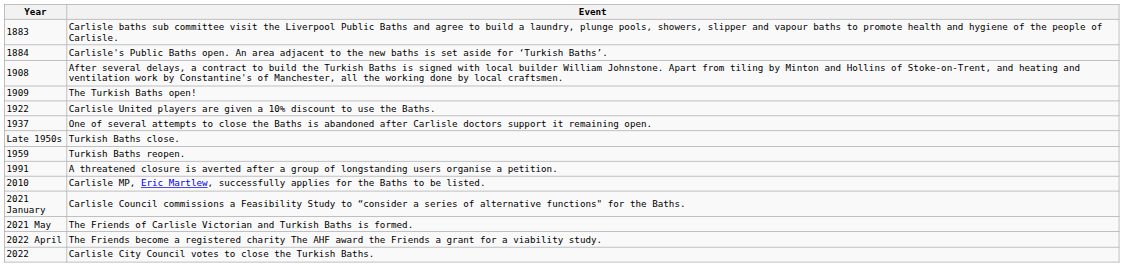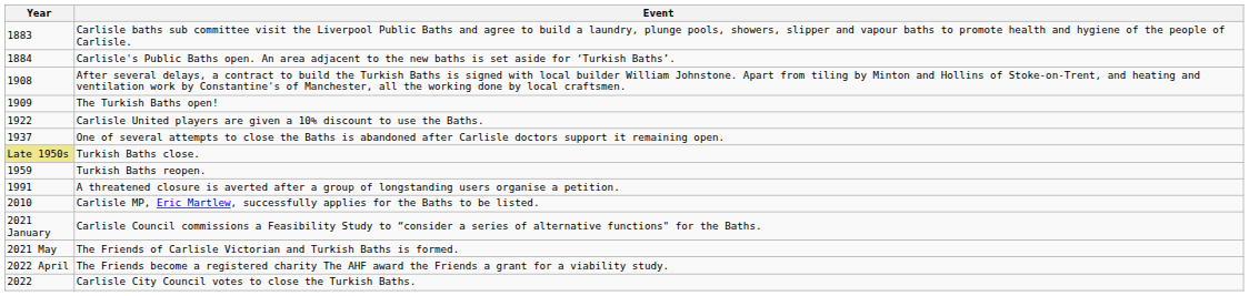 <table class="wikitable">
 <tr>
 <th>Year </th>
 <th>Event</th>
 </tr>
 <tr>
 <td>1883</td>
 <td>Carlisle baths sub committee visit the Liverpool Public Baths and agree to build a laundry, plunge pools, showers, slipper and vapour baths to promote health and hygiene of the people of Carlisle.</td>
 </tr>
 <tr>
 <td>1884</td>
 <td>Carlisle's Public Baths open. An area adjacent to the new baths is set aside for ‘Turkish Baths’.</td>
 </tr>
 <tr>
 <td>1908</td>
 <td>After several delays, a contract to build the Turkish Baths is signed with local builder William Johnstone. Apart from tiling by Minton and Hollins of Stoke-on-Trent, and heating and ventilation work by Constantine's of Manchester, all the working done by local craftsmen.</td>
 </tr>
 <tr>
 <td>1909</td>
 <td>The Turkish Baths open!</td>
 </tr>
 <tr>
 <td>1922</td>
 <td>Carlisle United players are given a 10% discount to use the Baths.</td>
 </tr>
 <tr>
 <td>1937</td>
 <td>One of several attempts to close the Baths is abandoned after Carlisle doctors support it remaining open.</td>
 </tr>
 <tr>
-<td>Late 1950s</td>
+<td style="background: khaki;">Late 1950s</td>
 <td>Turkish Baths close.</td>
 </tr>
 <tr>
 <td>1959</td>
 <td>Turkish Baths reopen.</td>
 </tr>
 <tr>
 <td>1991</td>
 <td>A threatened closure is averted after a group of longstanding users organise a petition.</td>
 </tr>
 <tr>
 <td>2010</td>
 <td>Carlisle MP, <a href='#'>Eric Martlew</a>, successfully applies for the Baths to be listed.</td>
 </tr>
 <tr>
 <td>2021 January</td>
 <td>Carlisle Council commissions a Feasibility Study to “consider a series of alternative functions" for the Baths.</td>
 </tr>
 <tr>
 <td>2021 May</td>
 <td>The Friends of Carlisle Victorian and Turkish Baths is formed.</td>
 </tr>
 <tr>
 <td>2022 April</td>
 <td>The Friends become a registered charity The AHF award the Friends a grant for a viability study.</td>
 </tr>
 <tr>
 <td>2022</td>
 <td>Carlisle City Council votes to close the Turkish Baths.</td>
 </tr>
 </table>
